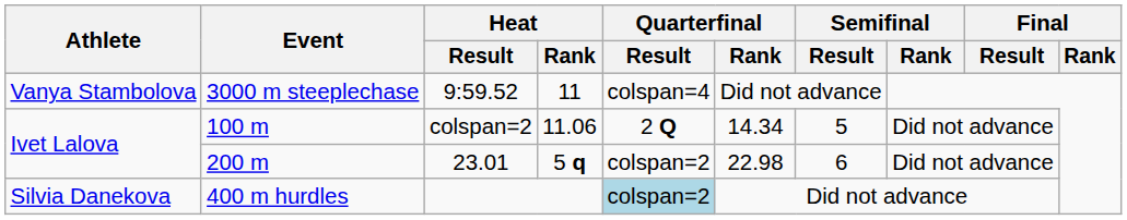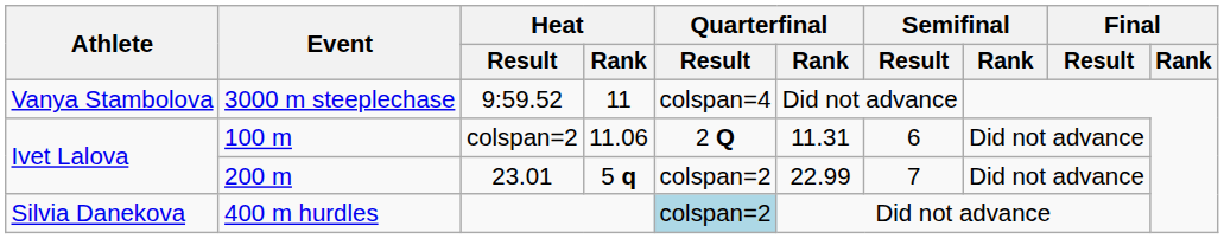 <table class="wikitable" style="font-size:90%">
 <tr>
 <th rowspan="2">Athlete</th>
 <th rowspan="2">Event</th>
 <th colspan="2">Heat</th>
 <th colspan="2">Quarterfinal</th>
 <th colspan="2">Semifinal</th>
 <th colspan="2">Final</th>
 </tr>
 <tr style="font-size:95%">
 <th>Result</th>
 <th>Rank</th>
 <th>Result</th>
 <th>Rank</th>
 <th>Result</th>
 <th>Rank</th>
 <th>Result</th>
 <th>Rank</th>
 </tr>
 <tr align=center>
 <td align=left><a href='#'>Vanya Stambolova</a></td>
 <td align=left><a href='#'>3000 m steeplechase</a></td>
 <td>9:59.52</td>
 <td>11</td>
 <td>colspan=4 </td>
 <td colspan=2>Did not advance</td>
 </tr>
 <tr align=center>
 <td align=left rowspan=2><a href='#'>Ivet Lalova</a></td>
 <td align=left><a href='#'>100 m</a></td>
 <td>colspan=2 </td>
 <td>11.06</td>
 <td>2 <strong>Q</strong></td>
-<td>14.34</td>
-<td>5</td>
+<td>11.31</td>
+<td>6</td>
 <td colspan=2>Did not advance</td>
 </tr>
 <tr align=center>
 <td align=left><a href='#'>200 m</a></td>
 <td>23.01</td>
 <td>5 <strong>q</strong></td>
 <td>colspan=2 </td>
-<td>22.98</td>
-<td>6</td>
+<td>22.99</td>
+<td>7</td>
 <td colspan=2>Did not advance</td>
 </tr>
 <tr align=center>
 <td align=left><a href='#'>Silvia Danekova</a></td>
 <td align=left><a href='#'>400 m hurdles</a></td>
 <td colspan=2></td>
 <td style="background: lightblue;">colspan=2 </td>
 <td colspan=4>Did not advance</td>
 </tr>
 </table>
